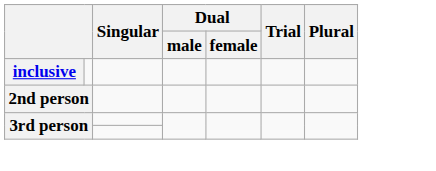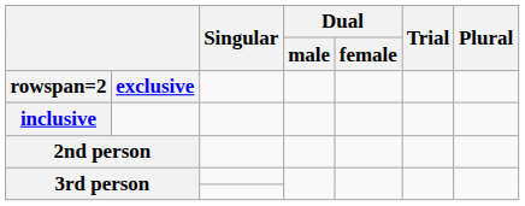 <table class="wikitable" style="text-align:center;">
 <tr>
 <th rowspan=2 colspan=2></th>
 <th rowspan=2>Singular</th>
 <th colspan=2>Dual</th>
 <th rowspan=2>Trial</th>
 <th rowspan=2>Plural</th>
 </tr>
 <tr>
 <th>male</th>
 <th>female</th>
+</tr>
+<tr>
+<th>rowspan=2 </th>
+<th><a href='#'>exclusive</a></th>
+<td><br></td>
+<td><br></td>
+<td><br></td>
+<td><br></td>
+<td><br></td>
 </tr>
 <tr>
 <th><a href='#'>inclusive</a></th>
 <td></td>
 <td><br></td>
 <td><br></td>
 <td><br></td>
 <td><br></td>
 </tr>
 <tr>
 <th colspan=2>2nd person</th>
 <td><br></td>
 <td><br></td>
 <td><br></td>
 <td><br></td>
 <td><br></td>
 </tr>
 <tr>
 <th rowspan=2 colspan=2>3rd person</th>
 <td> </td>
 <td rowspan=2><br></td>
 <td rowspan=2><br></td>
 <td rowspan=2><br></td>
 <td rowspan=2><br></td>
 </tr>
 <tr>
 <td> </td>
 </tr>
 </table>
